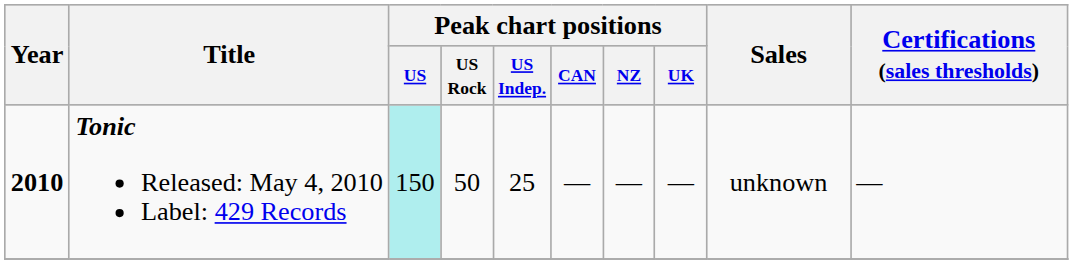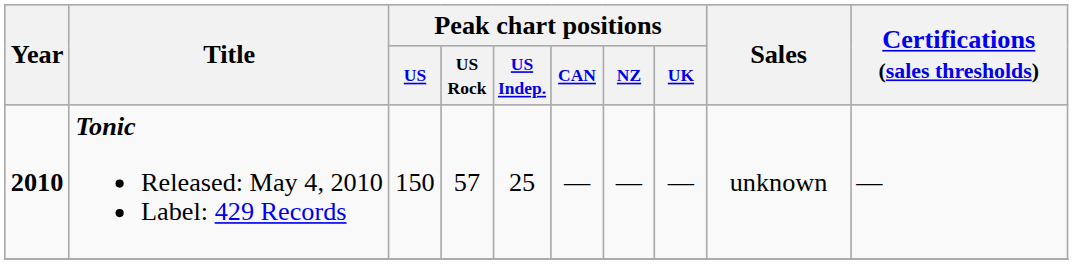 <table class="wikitable">
 <tr>
 <th rowspan="2">Year</th>
 <th rowspan="2">Title</th>
 <th colspan="6">Peak chart positions</th>
 <th rowspan=2 width="80">Sales</th>
 <th rowspan=2 width="125"><a href='#'>Certifications</a><br><small>(<a href='#'>sales thresholds</a>)</small></th>
 </tr>
 <tr>
 <th style="width:2em;font-size:80%"><small><a href='#'>US</a></small></th>
 <th style="width:2em;font-size:80%"><small>US Rock</small></th>
 <th style="width:2em;font-size:80%"><small><a href='#'>US Indep.</a></small><br></th>
 <th style="width:2em;font-size:80%"><small><a href='#'>CAN</a></small></th>
 <th style="width:2em;font-size:80%"><small><a href='#'>NZ</a></small><br></th>
 <th style="width:2em;font-size:80%"><small><a href='#'>UK</a></small><br></th>
 </tr>
 <tr>
 <td><strong>2010</strong></td>
 <td><strong><em>Tonic</em></strong><br><ul><li>Released: May 4, 2010</li><li>Label: <a href='#'>429 Records</a></li></ul></td>
-<td align="center" style="background: paleturquoise;">150</td>
-<td align="center">50</td>
+<td align="center">150</td>
+<td align="center">57</td>
 <td align="center">25</td>
 <td align="center">—</td>
 <td align="center">—</td>
 <td align="center">—</td>
 <td align="center">unknown</td>
 <td>—</td>
 </tr>
 <tr>
 </tr>
 <tr>
 </tr>
 </table>
